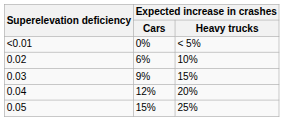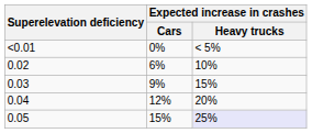 <table class="wikitable">
 <tr>
 <th rowspan=2>Superelevation deficiency</th>
 <th colspan=2>Expected increase in crashes</th>
 </tr>
 <tr>
 <th>Cars</th>
 <th>Heavy trucks</th>
 </tr>
 <tr>
 <td><0.01</td>
 <td>0%</td>
 <td>< 5%</td>
 </tr>
 <tr>
 <td>0.02</td>
 <td>6%</td>
 <td>10%</td>
 </tr>
 <tr>
 <td>0.03</td>
 <td>9%</td>
 <td>15%</td>
 </tr>
 <tr>
 <td>0.04</td>
 <td>12%</td>
 <td>20%</td>
 </tr>
 <tr>
 <td>0.05</td>
 <td>15%</td>
-<td>25%</td>
+<td style="background: lavender;">25%</td>
 </tr>
 </table>
